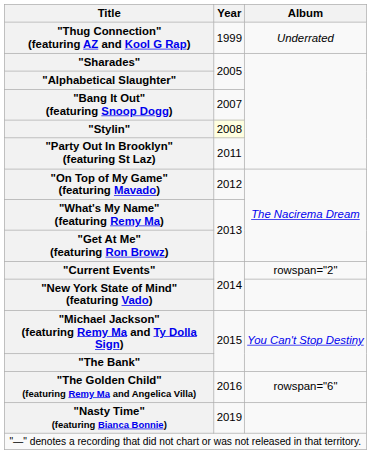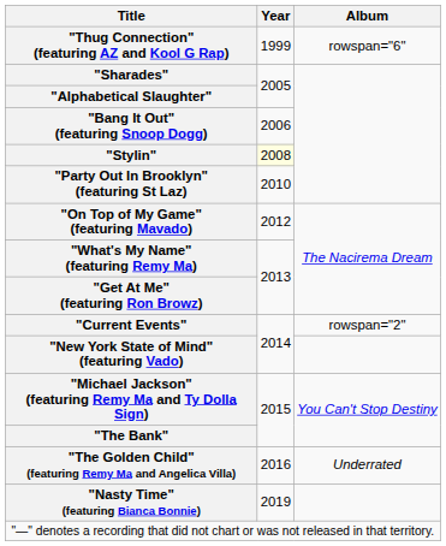 <table class="wikitable plainrowheaders" style="text-align:center;">
 <tr>
 <th scope="col" rowspan="1" style="width:18em;">Title</th>
 <th scope="col" rowspan="1">Year</th>
 <th scope="col" rowspan="1">Album</th>
 </tr>
 <tr>
 <th scope="row">"Thug Connection"<br><span>(featuring <a href='#'>AZ</a> and <a href='#'>Kool G Rap</a>)</span></th>
 <td>1999</td>
-<td><em>Underrated</em></td>
+<td>rowspan="6" </td>
 </tr>
 <tr>
 <th scope="row">"Sharades"</th>
 <td rowspan="2">2005</td>
 </tr>
 <tr>
 <th scope="row">"Alphabetical Slaughter"</th>
 </tr>
 <tr>
 <th scope="row">"Bang It Out"<br><span>(featuring <a href='#'>Snoop Dogg</a>)</span></th>
-<td>2007</td>
+<td>2006</td>
 </tr>
 <tr>
 <th scope="row">"Stylin"</th>
 <td style="background: lightyellow;">2008</td>
 </tr>
 <tr>
 <th scope="row">"Party Out In Brooklyn"<br><span>(featuring St Laz)</span></th>
-<td>2011</td>
+<td>2010</td>
 </tr>
 <tr>
 <th scope="row">"On Top of My Game"<br><span>(featuring <a href='#'>Mavado</a>)</span></th>
 <td>2012</td>
 <td rowspan="3"><em><a href='#'>The Nacirema Dream</a></em></td>
 </tr>
 <tr>
 <th scope="row">"What's My Name"<br><span>(featuring <a href='#'>Remy Ma</a>)</span></th>
 <td rowspan="2">2013</td>
 </tr>
 <tr>
 <th scope="row">"Get At Me"<br><span>(featuring <a href='#'>Ron Browz</a>)</span></th>
 </tr>
 <tr>
 <th scope="row">"Current Events"</th>
 <td rowspan="2">2014</td>
 <td>rowspan="2" </td>
 </tr>
 <tr>
 <th scope="row">"New York State of Mind"<br><span>(featuring <a href='#'>Vado</a>)</span></th>
 </tr>
 <tr>
 <th scope="row">"Michael Jackson"<br><span>(featuring <a href='#'>Remy Ma</a> and <a href='#'>Ty Dolla Sign</a>)</span></th>
 <td rowspan="2">2015</td>
 <td rowspan="2"><em><a href='#'>You Can't Stop Destiny</a></em></td>
 </tr>
 <tr>
 <th scope="row">"The Bank"</th>
 </tr>
 <tr>
 <th scope="row">"The Golden Child"<br><small>(featuring <a href='#'>Remy Ma</a> and Angelica Villa)</small></th>
 <td>2016</td>
-<td>rowspan="6" </td>
+<td><em>Underrated</em></td>
 </tr>
 <tr>
 <th scope="row">"Nasty Time"<br><small>(featuring <a href='#'>Bianca Bonnie</a>)</small></th>
 <td>2019</td>
 <td></td>
 </tr>
 <tr>
 <td colspan="13" style="font-size:90%">"—" denotes a recording that did not chart or was not released in that territory.</td>
 </tr>
 </table>
